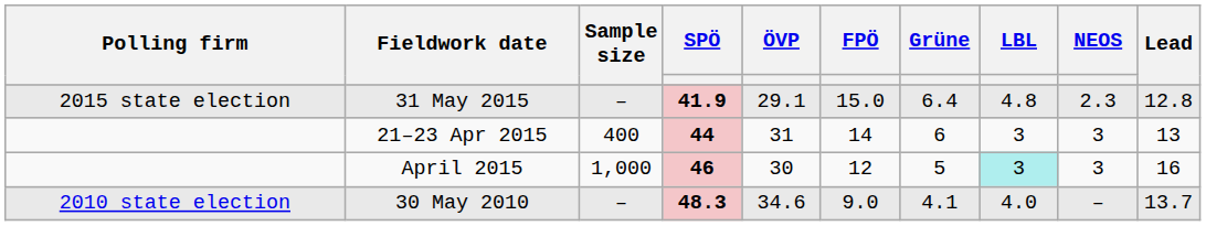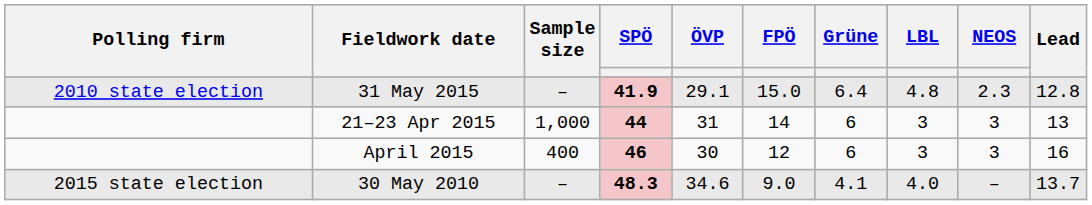 <table class="wikitable sortable" style="text-align:center;font-size:90%;line-height:14px;">
 <tr style="height:40px;">
 <th style="width:190px;" rowspan="2">Polling firm</th>
 <th style="width:130px;" rowspan="2">Fieldwork date</th>
 <th style="width:35px;" rowspan="2">Sample<br>size</th>
 <th class="unsortable" style="width:40px;"><a href='#'>SPÖ</a></th>
 <th class="unsortable" style="width:40px;"><a href='#'>ÖVP</a></th>
 <th class="unsortable" style="width:40px;"><a href='#'>FPÖ</a></th>
 <th class="unsortable" style="width:40px;"><a href='#'>Grüne</a></th>
 <th class="unsortable" style="width:40px;"><a href='#'>LBL</a></th>
 <th class="unsortable" style="width:40px;"><a href='#'>NEOS</a></th>
 <th style="width:30px;" rowspan="2">Lead</th>
 </tr>
 <tr>
 <th style="background:"></th>
 <th style="background:"></th>
 <th style="background:"></th>
 <th style="background:"></th>
 <th style="background:"></th>
 <th style="background:"></th>
 </tr>
 <tr style="background:#E9E9E9;">
-<td>2015 state election</td>
+<td><a href='#'>2010 state election</a></td>
 <td data-sort-value="2015-05-31">31 May 2015</td>
 <td>–</td>
 <td style="background:#F4C6C9;"><strong>41.9</strong></td>
 <td>29.1</td>
 <td>15.0</td>
 <td>6.4</td>
 <td>4.8</td>
 <td>2.3</td>
 <td style="background:">12.8</td>
 </tr>
 <tr>
 <td></td>
 <td data-sort-value="2015-04-24">21–23 Apr 2015</td>
-<td>400</td>
+<td>1,000</td>
 <td style="background:#F4C6C9;"><strong>44</strong></td>
 <td>31</td>
 <td>14</td>
 <td>6</td>
 <td>3</td>
 <td>3</td>
 <td style="background:">13</td>
 </tr>
 <tr>
 <td></td>
 <td data-sort-value="2015-04-14">April 2015</td>
-<td>1,000</td>
+<td>400</td>
 <td style="background:#F4C6C9;"><strong>46</strong></td>
 <td>30</td>
 <td>12</td>
-<td>5</td>
-<td style="background: paleturquoise;">3</td>
+<td>6</td>
+<td>3</td>
 <td>3</td>
 <td style="background:">16</td>
 </tr>
 <tr style="background:#E9E9E9;">
-<td><a href='#'>2010 state election</a></td>
+<td>2015 state election</td>
 <td data-sort-value="2010-05-30">30 May 2010</td>
 <td>–</td>
 <td style="background:#F4C6C9;"><strong>48.3</strong></td>
 <td>34.6</td>
 <td>9.0</td>
 <td>4.1</td>
 <td>4.0</td>
 <td>–</td>
 <td style="background:">13.7</td>
 </tr>
 </table>
